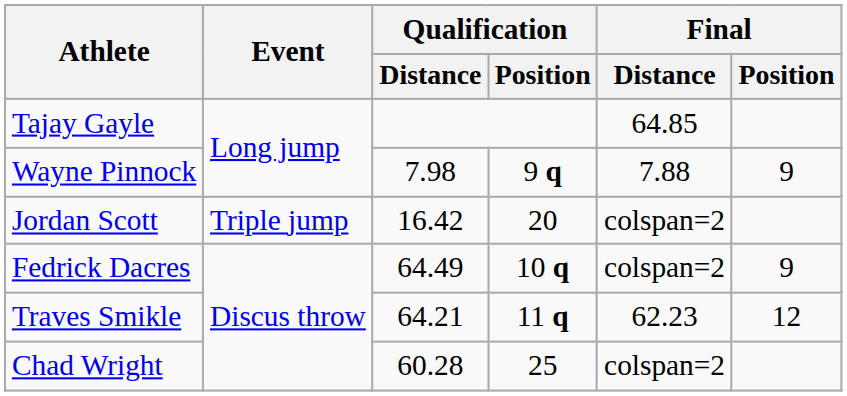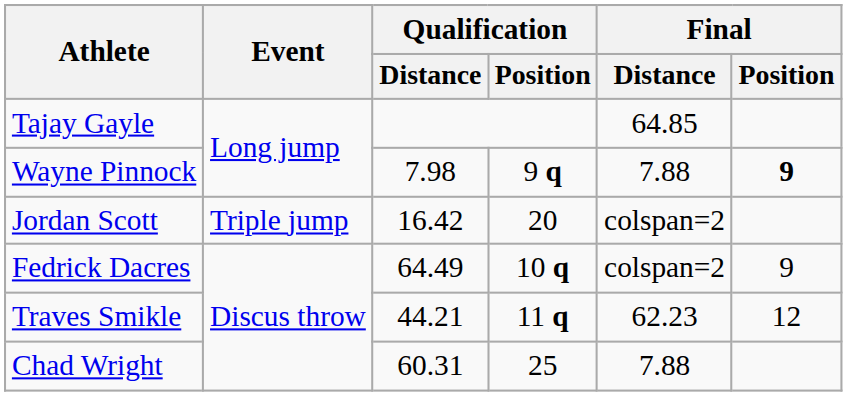 <table class=wikitable style=font-size:90%>
 <tr>
 <th rowspan=2>Athlete</th>
 <th rowspan=2>Event</th>
 <th colspan=2>Qualification</th>
 <th colspan=2>Final</th>
 </tr>
 <tr style=font-size:95%>
 <th>Distance</th>
 <th>Position</th>
 <th>Distance</th>
 <th>Position</th>
 </tr>
 <tr align=center>
 <td align=left><a href='#'>Tajay Gayle</a></td>
 <td align=left rowspan=2><a href='#'>Long jump</a></td>
 <td colspan=2></td>
 <td>64.85</td>
 </tr>
 <tr align=center>
 <td align=left><a href='#'>Wayne Pinnock</a></td>
 <td>7.98</td>
 <td>9 <strong>q</strong></td>
 <td>7.88</td>
-<td>9</td>
+<td><strong>9</strong></td>
 </tr>
 <tr align=center>
 <td align=left><a href='#'>Jordan Scott</a></td>
 <td align=left><a href='#'>Triple jump</a></td>
 <td>16.42</td>
 <td>20</td>
 <td>colspan=2 </td>
 </tr>
 <tr align=center>
 <td align=left><a href='#'>Fedrick Dacres</a></td>
 <td align=left rowspan=3><a href='#'>Discus throw</a></td>
 <td>64.49</td>
 <td>10 <strong>q</strong></td>
 <td>colspan=2 </td>
 <td>9</td>
 </tr>
 <tr align=center>
 <td align=left><a href='#'>Traves Smikle</a></td>
-<td>64.21</td>
+<td>44.21</td>
 <td>11 <strong>q</strong></td>
 <td>62.23</td>
 <td>12</td>
 </tr>
 <tr align=center>
 <td align=left><a href='#'>Chad Wright</a></td>
-<td>60.28</td>
+<td>60.31</td>
 <td>25</td>
-<td>colspan=2 </td>
+<td>7.88</td>
 </tr>
 </table>
